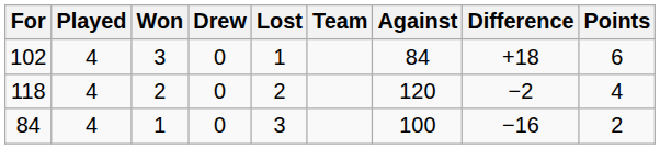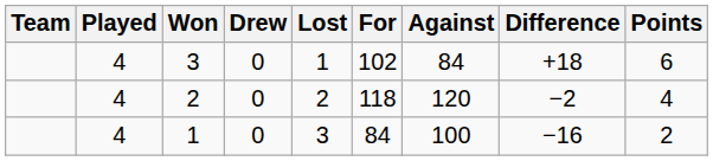 <table class="wikitable" style="text-align:center">
 <tr>
-<th>For</th>
+<th>Team</th>
 <th>Played</th>
 <th>Won</th>
 <th>Drew</th>
 <th>Lost</th>
-<th>Team</th>
+<th>For</th>
 <th>Against</th>
 <th>Difference</th>
 <th>Points</th>
 </tr>
 <tr>
-<td>102</td>
+<td align=left></td>
 <td>4</td>
 <td>3</td>
 <td>0</td>
 <td>1</td>
-<td align=left></td>
+<td>102</td>
 <td>84</td>
 <td>+18</td>
 <td>6</td>
 </tr>
 <tr>
-<td>118</td>
+<td align=left></td>
 <td>4</td>
 <td>2</td>
 <td>0</td>
 <td>2</td>
-<td align=left></td>
+<td>118</td>
 <td>120</td>
 <td>−2</td>
 <td>4</td>
 </tr>
 <tr>
-<td>84</td>
+<td align=left></td>
 <td>4</td>
 <td>1</td>
 <td>0</td>
 <td>3</td>
-<td align=left></td>
+<td>84</td>
 <td>100</td>
 <td>−16</td>
 <td>2</td>
 </tr>
 </table>
